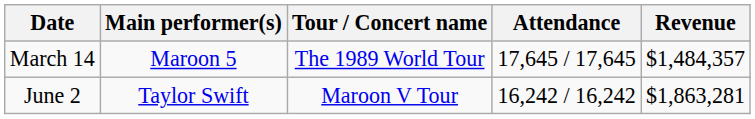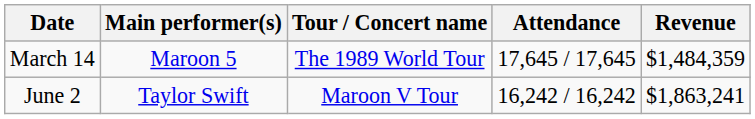 <table class="wikitable"  style="text-align:center; font-size:95%;">
 <tr>
 <th style="text-align:center;">Date</th>
 <th style="text-align:center;">Main performer(s)</th>
 <th style="text-align:center;">Tour / Concert name</th>
 <th style="text-align:center;">Attendance</th>
 <th style="text-align:center;">Revenue</th>
 </tr>
 <tr>
 <td>March 14</td>
 <td><a href='#'>Maroon 5</a></td>
 <td><a href='#'>The 1989 World Tour</a></td>
 <td>17,645 / 17,645</td>
-<td>$1,484,357</td>
+<td>$1,484,359</td>
 </tr>
 <tr>
 <td>June 2</td>
 <td><a href='#'>Taylor Swift</a></td>
 <td><a href='#'>Maroon V Tour</a></td>
 <td>16,242 / 16,242</td>
-<td>$1,863,281</td>
+<td>$1,863,241</td>
 </tr>
 </table>
